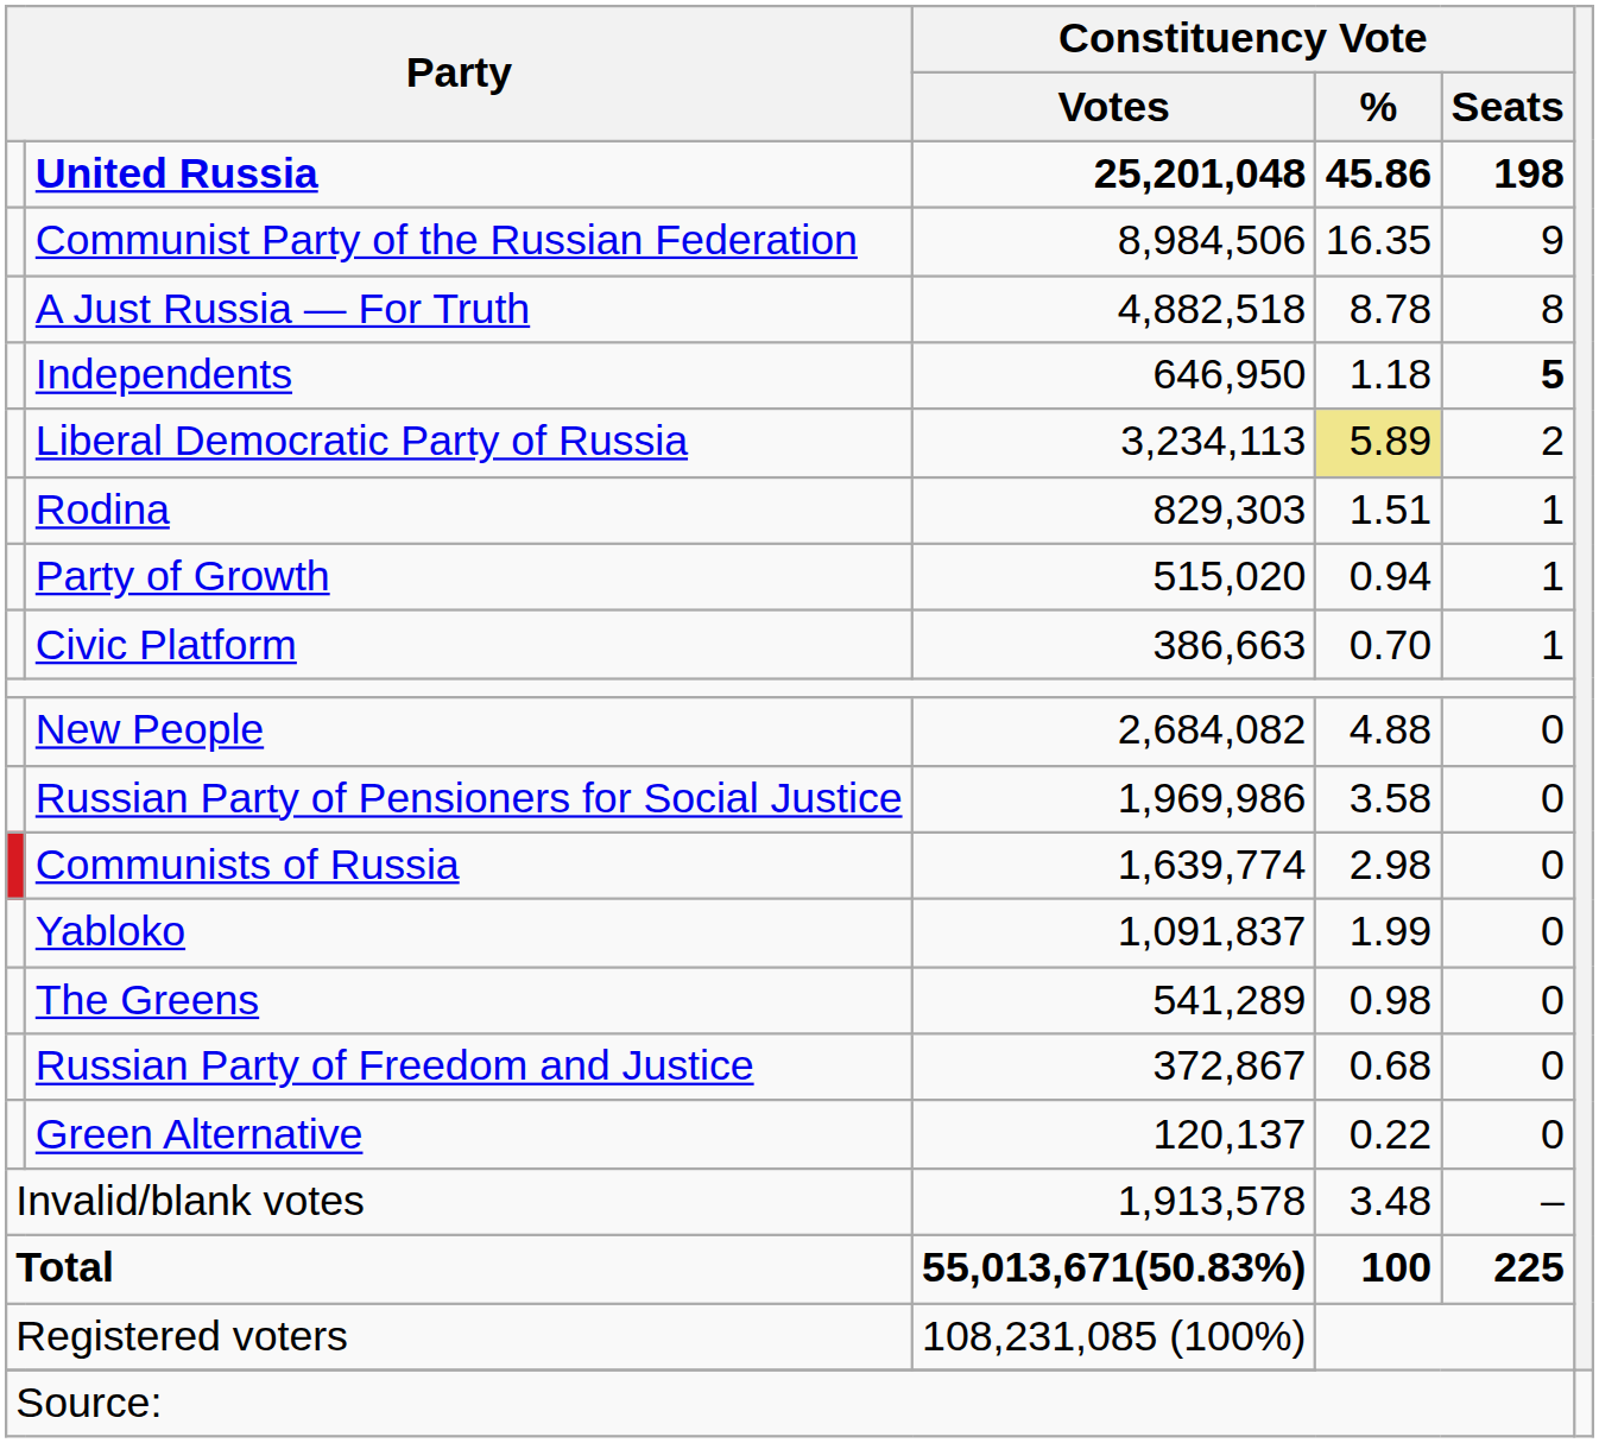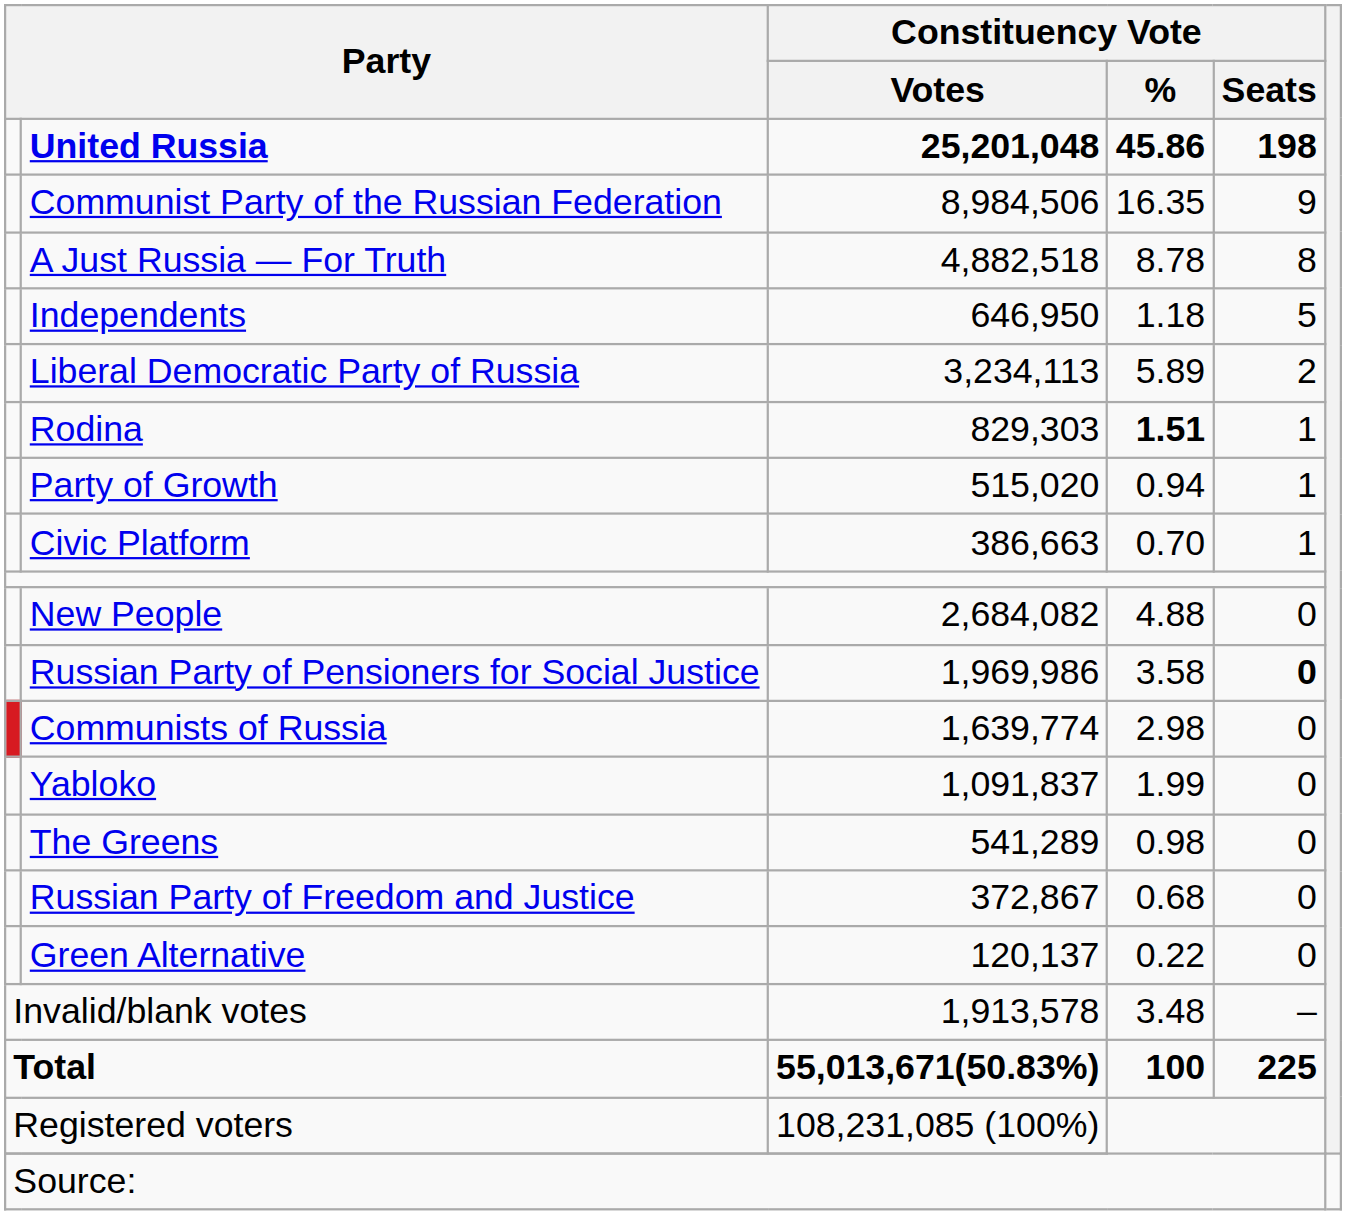 <table class="wikitable" style="text-align:right; margin-bottom:0;">
 <tr>
 <th colspan="2" rowspan="2">Party</th>
 <th colspan="3">Constituency Vote</th>
 <th rowspan="21"></th>
 </tr>
 <tr>
 <th>Votes</th>
 <th>%</th>
 <th>Seats</th>
 </tr>
 <tr>
 <td></td>
 <td align="left"><strong><a href='#'>United Russia</a></strong></td>
 <td><strong>25,201,048</strong></td>
 <td><strong>45.86</strong></td>
 <td><strong>198</strong></td>
 </tr>
 <tr>
 <td></td>
 <td align="left"><a href='#'>Communist Party of the Russian Federation</a></td>
 <td>8,984,506</td>
 <td>16.35</td>
 <td>9</td>
 </tr>
 <tr>
 <td></td>
 <td align="left"><a href='#'>A Just Russia — For Truth</a></td>
 <td>4,882,518</td>
 <td>8.78</td>
 <td>8</td>
 </tr>
 <tr>
 <td></td>
 <td align="left"><a href='#'>Independents</a></td>
 <td>646,950</td>
 <td>1.18</td>
-<td><strong>5</strong></td>
+<td>5</td>
 </tr>
 <tr>
 <td></td>
 <td align="left"><a href='#'>Liberal Democratic Party of Russia</a></td>
 <td>3,234,113</td>
-<td style="background: khaki;">5.89</td>
+<td>5.89</td>
 <td>2</td>
 </tr>
 <tr>
 <td></td>
 <td align="left"><a href='#'>Rodina</a></td>
 <td>829,303</td>
-<td>1.51</td>
+<td><strong>1.51</strong></td>
 <td>1</td>
 </tr>
 <tr>
 <td></td>
 <td align="left"><a href='#'>Party of Growth</a></td>
 <td>515,020</td>
 <td>0.94</td>
 <td>1</td>
 </tr>
 <tr>
 <td></td>
 <td align="left"><a href='#'>Civic Platform</a></td>
 <td>386,663</td>
 <td>0.70</td>
 <td>1</td>
 </tr>
 <tr>
 <td colspan="5"></td>
 </tr>
 <tr>
 <td></td>
 <td align="left"><a href='#'>New People</a></td>
 <td>2,684,082</td>
 <td>4.88</td>
 <td>0</td>
 </tr>
 <tr>
 <td></td>
 <td align="left"><a href='#'>Russian Party of Pensioners for Social Justice</a></td>
 <td>1,969,986</td>
 <td>3.58</td>
-<td>0</td>
+<td><strong>0</strong></td>
 </tr>
 <tr>
 <td style="background:#D71A21;"></td>
 <td align="left"><a href='#'>Communists of Russia</a></td>
 <td>1,639,774</td>
 <td>2.98</td>
 <td>0</td>
 </tr>
 <tr>
 <td></td>
 <td align="left"><a href='#'>Yabloko</a></td>
 <td>1,091,837</td>
 <td>1.99</td>
 <td>0</td>
 </tr>
 <tr>
 <td style="background-color:"></td>
 <td align="left"><a href='#'>The Greens</a></td>
 <td>541,289</td>
 <td>0.98</td>
 <td>0</td>
 </tr>
 <tr>
 <td></td>
 <td align="left"><a href='#'>Russian Party of Freedom and Justice</a></td>
 <td>372,867</td>
 <td>0.68</td>
 <td>0</td>
 </tr>
 <tr>
 <td></td>
 <td align="left"><a href='#'>Green Alternative</a></td>
 <td>120,137</td>
 <td>0.22</td>
 <td>0</td>
 </tr>
 <tr>
 <td colspan="2" align="left">Invalid/blank votes</td>
 <td>1,913,578</td>
 <td>3.48</td>
 <td>–</td>
 </tr>
 <tr style="font-weight:bold;">
 <td colspan="2" align="left">Total</td>
 <td>55,013,671(50.83%)</td>
 <td>100</td>
 <td>225</td>
 </tr>
 <tr>
 <td colspan="2" align="left">Registered voters</td>
 <td>108,231,085 (100%)</td>
 </tr>
 <tr>
 </tr>
 <tr class="sortbottom">
 <td colspan="5" align="left">Source:  </td>
 </tr>
 </table>
